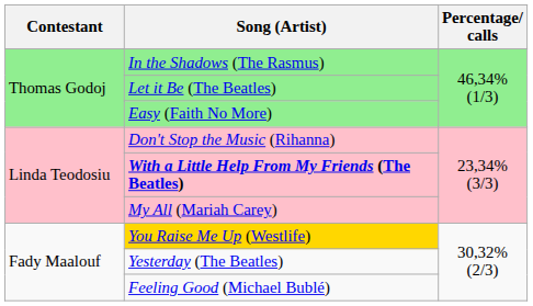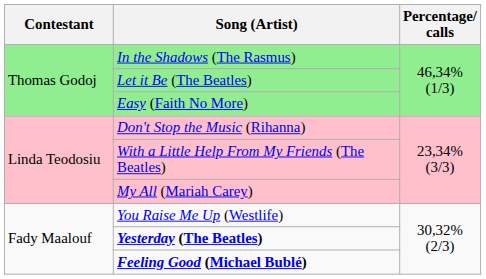 <table class="wikitable">
 <tr>
 <th width="110">Contestant</th>
 <th width="300">Song (Artist)</th>
 <th width="28">Percentage/<br>calls</th>
 </tr>
 <tr style="background:lightgreen;">
 <td align="left" rowspan="3">Thomas Godoj</td>
 <td align="left"><em><a href='#'>In the Shadows</a></em> (<a href='#'>The Rasmus</a>)</td>
 <td align="center" rowspan="3">46,34% (1/3)</td>
 </tr>
 <tr style="background:lightgreen;">
 <td align="left"><em><a href='#'>Let it Be</a></em> (<a href='#'>The Beatles</a>)</td>
 </tr>
 <tr style="background:lightgreen;">
 <td align="left"><em><a href='#'>Easy</a></em> (<a href='#'>Faith No More</a>)</td>
 </tr>
 <tr bgcolor="pink">
 <td align="left" rowspan="3">Linda Teodosiu</td>
 <td align="left"><em><a href='#'>Don't Stop the Music</a></em> (<a href='#'>Rihanna</a>)</td>
 <td align="center" rowspan="3">23,34% (3/3)</td>
 </tr>
 <tr bgcolor="pink">
-<td align="left"><strong><em><a href='#'>With a Little Help From My Friends</a></em> (<a href='#'>The Beatles</a>)</strong></td>
+<td align="left"><em><a href='#'>With a Little Help From My Friends</a></em> (<a href='#'>The Beatles</a>)</td>
 </tr>
 <tr bgcolor="pink">
 <td align="left"><em><a href='#'>My All</a></em> (<a href='#'>Mariah Carey</a>)</td>
 </tr>
 <tr>
 <td align="left" rowspan="3">Fady Maalouf</td>
-<td align="left" style="background: gold;"><em><a href='#'>You Raise Me Up</a></em> (<a href='#'>Westlife</a>)</td>
+<td align="left"><em><a href='#'>You Raise Me Up</a></em> (<a href='#'>Westlife</a>)</td>
 <td align="center" rowspan="3">30,32% (2/3)</td>
 </tr>
 <tr>
-<td align="left"><em><a href='#'>Yesterday</a></em> (<a href='#'>The Beatles</a>)</td>
+<td align="left"><strong><em><a href='#'>Yesterday</a></em> (<a href='#'>The Beatles</a>)</strong></td>
 </tr>
 <tr>
-<td align="left"><em><a href='#'>Feeling Good</a></em> (<a href='#'>Michael Bublé</a>)</td>
+<td align="left"><strong><em><a href='#'>Feeling Good</a></em> (<a href='#'>Michael Bublé</a>)</strong></td>
 </tr>
 </table>
